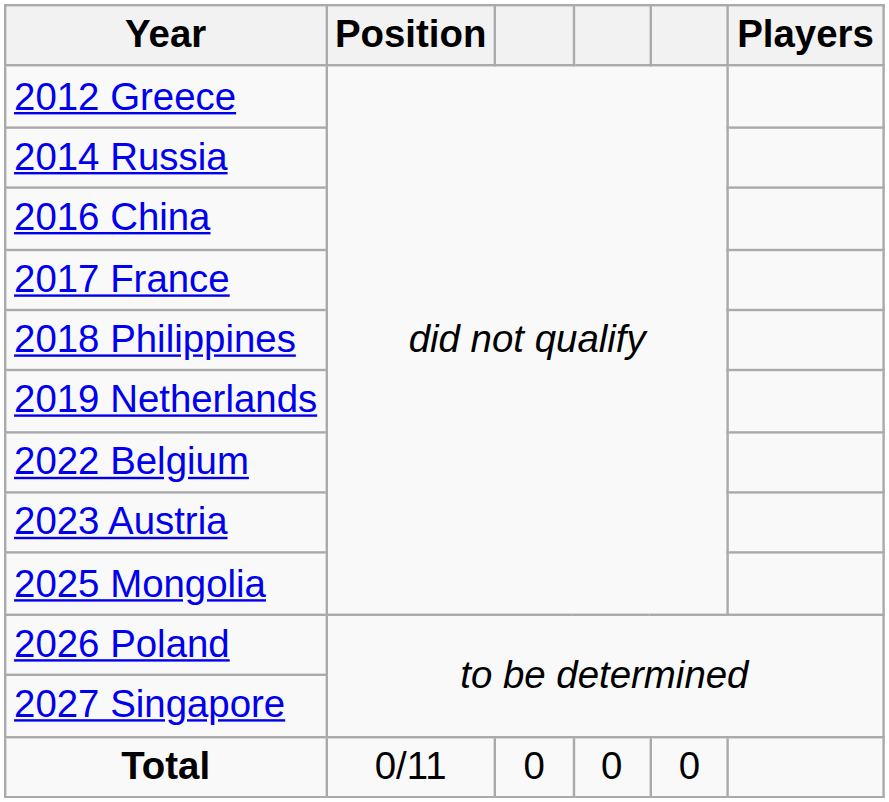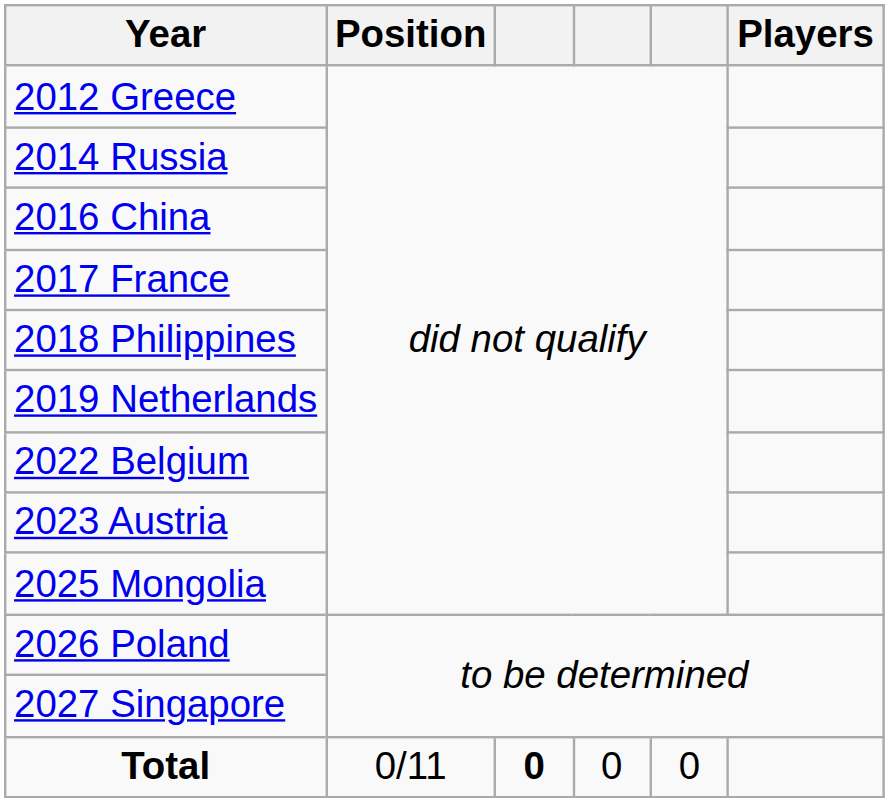 <table class="wikitable" style="text-align: center;">
 <tr>
 <th>Year</th>
 <th>Position</th>
 <th width=25px></th>
 <th width=25px></th>
 <th width=25px></th>
 <th>Players</th>
 </tr>
 <tr>
 <td style="text-align: left;"> <a href='#'>2012 Greece</a></td>
 <td rowspan=9 colspan=4><em>did not qualify</em></td>
 <td></td>
 </tr>
 <tr>
 <td style="text-align: left;"> <a href='#'>2014 Russia</a></td>
 <td></td>
 </tr>
 <tr>
 <td style="text-align: left;"> <a href='#'>2016 China</a></td>
 <td></td>
 </tr>
 <tr>
 <td style="text-align: left;"> <a href='#'>2017 France</a></td>
 <td></td>
 </tr>
 <tr>
 <td style="text-align: left;"> <a href='#'>2018 Philippines</a></td>
 <td></td>
 </tr>
 <tr>
 <td style="text-align: left;"> <a href='#'>2019 Netherlands</a></td>
 <td></td>
 </tr>
 <tr>
 <td style="text-align: left;"> <a href='#'>2022 Belgium</a></td>
 <td></td>
 </tr>
 <tr>
 <td style="text-align: left;"> <a href='#'>2023 Austria</a></td>
 <td></td>
 </tr>
 <tr>
 <td style="text-align: left;"> <a href='#'>2025 Mongolia</a></td>
 <td></td>
 </tr>
 <tr>
 <td style="text-align: left;"> <a href='#'>2026 Poland</a></td>
 <td rowspan=2 colspan=9><em>to be determined</em></td>
 </tr>
 <tr>
 <td style="text-align: left;"> <a href='#'>2027 Singapore</a></td>
 </tr>
 <tr>
 <td><strong>Total</strong></td>
 <td>0/11</td>
-<td>0</td>
+<td><strong>0</strong></td>
 <td>0</td>
 <td>0</td>
 <td></td>
 </tr>
 </table>
